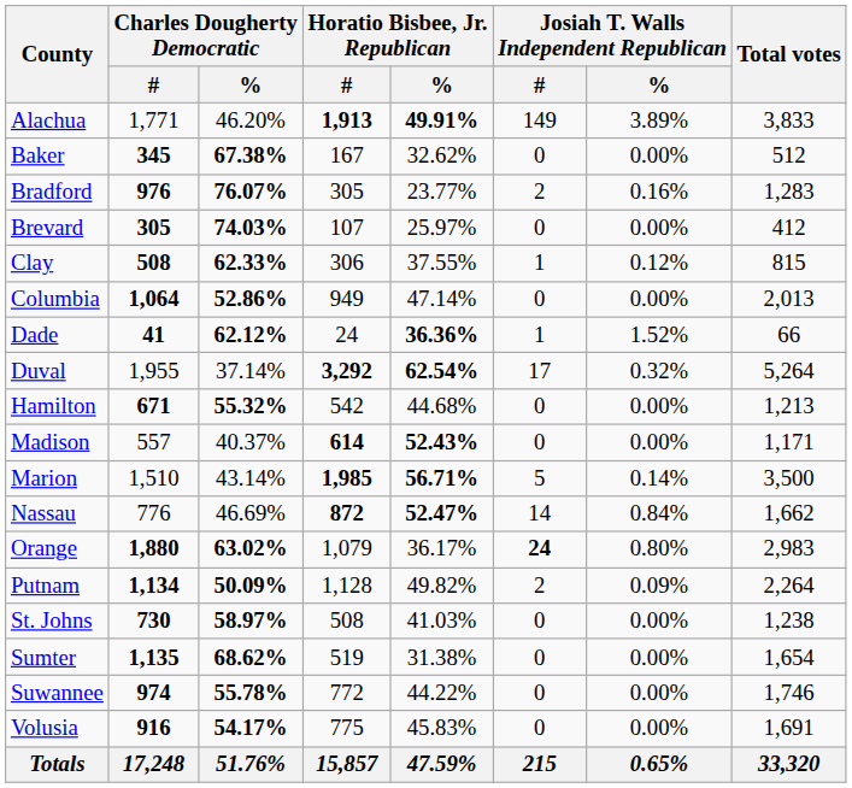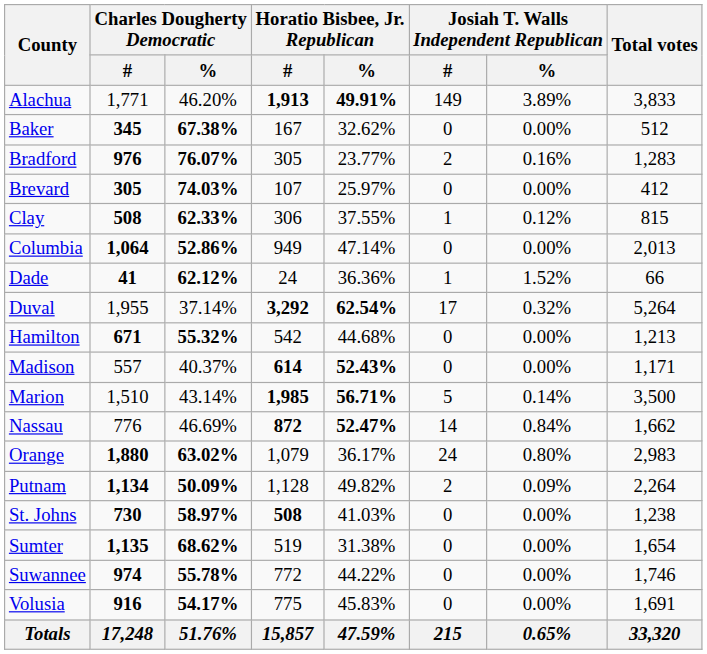 <table class="wikitable sortable">
 <tr>
 <th rowspan="2">County</th>
 <th colspan="2" style="text-align: center;" >Charles Dougherty <br><em>Democratic</em></th>
 <th colspan="2" style="text-align: center;" >Horatio Bisbee, Jr. <br> <em>Republican</em></th>
 <th colspan="2" style="text-align: center;" >Josiah T. Walls <br> <em>Independent Republican</em></th>
 <th rowspan="2">Total votes</th>
 </tr>
 <tr>
 <th colspan="1" style="text-align: center;" >#</th>
 <th colspan="1" style="text-align: center;" >%</th>
 <th colspan="1" style="text-align: center;" >#</th>
 <th colspan="1" style="text-align: center;" >%</th>
 <th colspan="1" style="text-align: center;" >#</th>
 <th colspan="1" style="text-align: center;" >%</th>
 </tr>
 <tr>
 <td><a href='#'>Alachua</a></td>
 <td align="center">1,771</td>
 <td align="center">46.20%</td>
 <td align="center"><strong>1,913</strong></td>
 <td align="center"><strong>49.91%</strong></td>
 <td align="center">149</td>
 <td align="center">3.89%</td>
 <td align="center">3,833</td>
 </tr>
 <tr>
 <td><a href='#'>Baker</a></td>
 <td align="center"><strong>345</strong></td>
 <td align="center"><strong>67.38%</strong></td>
 <td align="center">167</td>
 <td align="center">32.62%</td>
 <td align="center">0</td>
 <td align="center">0.00%</td>
 <td align="center">512</td>
 </tr>
 <tr>
 <td><a href='#'>Bradford</a></td>
 <td align="center"><strong>976</strong></td>
 <td align="center"><strong>76.07%</strong></td>
 <td align="center">305</td>
 <td align="center">23.77%</td>
 <td align="center">2</td>
 <td align="center">0.16%</td>
 <td align="center">1,283</td>
 </tr>
 <tr>
 <td><a href='#'>Brevard</a></td>
 <td align="center"><strong>305</strong></td>
 <td align="center"><strong>74.03%</strong></td>
 <td align="center">107</td>
 <td align="center">25.97%</td>
 <td align="center">0</td>
 <td align="center">0.00%</td>
 <td align="center">412</td>
 </tr>
 <tr>
 <td><a href='#'>Clay</a></td>
 <td align="center"><strong>508</strong></td>
 <td align="center"><strong>62.33%</strong></td>
 <td align="center">306</td>
 <td align="center">37.55%</td>
 <td align="center">1</td>
 <td align="center">0.12%</td>
 <td align="center">815</td>
 </tr>
 <tr>
 <td><a href='#'>Columbia</a></td>
 <td align="center"><strong>1,064</strong></td>
 <td align="center"><strong>52.86%</strong></td>
 <td align="center">949</td>
 <td align="center">47.14%</td>
 <td align="center">0</td>
 <td align="center">0.00%</td>
 <td align="center">2,013</td>
 </tr>
 <tr>
 <td><a href='#'>Dade</a></td>
 <td align="center"><strong>41</strong></td>
 <td align="center"><strong>62.12%</strong></td>
 <td align="center">24</td>
-<td align="center"><strong>36.36%</strong></td>
+<td align="center">36.36%</td>
 <td align="center">1</td>
 <td align="center">1.52%</td>
 <td align="center">66</td>
 </tr>
 <tr>
 <td><a href='#'>Duval</a></td>
 <td align="center">1,955</td>
 <td align="center">37.14%</td>
 <td align="center"><strong>3,292</strong></td>
 <td align="center"><strong>62.54%</strong></td>
 <td align="center">17</td>
 <td align="center">0.32%</td>
 <td align="center">5,264</td>
 </tr>
 <tr>
 <td><a href='#'>Hamilton</a></td>
 <td align="center"><strong>671</strong></td>
 <td align="center"><strong>55.32%</strong></td>
 <td align="center">542</td>
 <td align="center">44.68%</td>
 <td align="center">0</td>
 <td align="center">0.00%</td>
 <td align="center">1,213</td>
 </tr>
 <tr>
 <td><a href='#'>Madison</a></td>
 <td align="center">557</td>
 <td align="center">40.37%</td>
 <td align="center"><strong>614</strong></td>
 <td align="center"><strong>52.43%</strong></td>
 <td align="center">0</td>
 <td align="center">0.00%</td>
 <td align="center">1,171</td>
 </tr>
 <tr>
 <td><a href='#'>Marion</a></td>
 <td align="center">1,510</td>
 <td align="center">43.14%</td>
 <td align="center"><strong>1,985</strong></td>
 <td align="center"><strong>56.71%</strong></td>
 <td align="center">5</td>
 <td align="center">0.14%</td>
 <td align="center">3,500</td>
 </tr>
 <tr>
 <td><a href='#'>Nassau</a></td>
 <td align="center">776</td>
 <td align="center">46.69%</td>
 <td align="center"><strong>872</strong></td>
 <td align="center"><strong>52.47%</strong></td>
 <td align="center">14</td>
 <td align="center">0.84%</td>
 <td align="center">1,662</td>
 </tr>
 <tr>
 <td><a href='#'>Orange</a></td>
 <td align="center"><strong>1,880</strong></td>
 <td align="center"><strong>63.02%</strong></td>
 <td align="center">1,079</td>
 <td align="center">36.17%</td>
-<td align="center"><strong>24</strong></td>
+<td align="center">24</td>
 <td align="center">0.80%</td>
 <td align="center">2,983</td>
 </tr>
 <tr>
 <td><a href='#'>Putnam</a></td>
 <td align="center"><strong>1,134</strong></td>
 <td align="center"><strong>50.09%</strong></td>
 <td align="center">1,128</td>
 <td align="center">49.82%</td>
 <td align="center">2</td>
 <td align="center">0.09%</td>
 <td align="center">2,264</td>
 </tr>
 <tr>
 <td><a href='#'>St. Johns</a></td>
 <td align="center"><strong>730</strong></td>
 <td align="center"><strong>58.97%</strong></td>
-<td align="center">508</td>
+<td align="center"><strong>508</strong></td>
 <td align="center">41.03%</td>
 <td align="center">0</td>
 <td align="center">0.00%</td>
 <td align="center">1,238</td>
 </tr>
 <tr>
 <td><a href='#'>Sumter</a></td>
 <td align="center"><strong>1,135</strong></td>
 <td align="center"><strong>68.62%</strong></td>
 <td align="center">519</td>
 <td align="center">31.38%</td>
 <td align="center">0</td>
 <td align="center">0.00%</td>
 <td align="center">1,654</td>
 </tr>
 <tr>
 <td><a href='#'>Suwannee</a></td>
 <td align="center"><strong>974</strong></td>
 <td align="center"><strong>55.78%</strong></td>
 <td align="center">772</td>
 <td align="center">44.22%</td>
 <td align="center">0</td>
 <td align="center">0.00%</td>
 <td align="center">1,746</td>
 </tr>
 <tr>
 <td><a href='#'>Volusia</a></td>
 <td align="center"><strong>916</strong></td>
 <td align="center"><strong>54.17%</strong></td>
 <td align="center">775</td>
 <td align="center">45.83%</td>
 <td align="center">0</td>
 <td align="center">0.00%</td>
 <td align="center">1,691</td>
 </tr>
 <tr>
 <th><em>Totals</em></th>
 <th><em>17,248</em></th>
 <th><em>51.76%</em></th>
 <th><em>15,857</em></th>
 <th><em>47.59%</em></th>
 <th><em>215</em></th>
 <th><em>0.65%</em></th>
 <th><em>33,320</em></th>
 </tr>
 </table>
